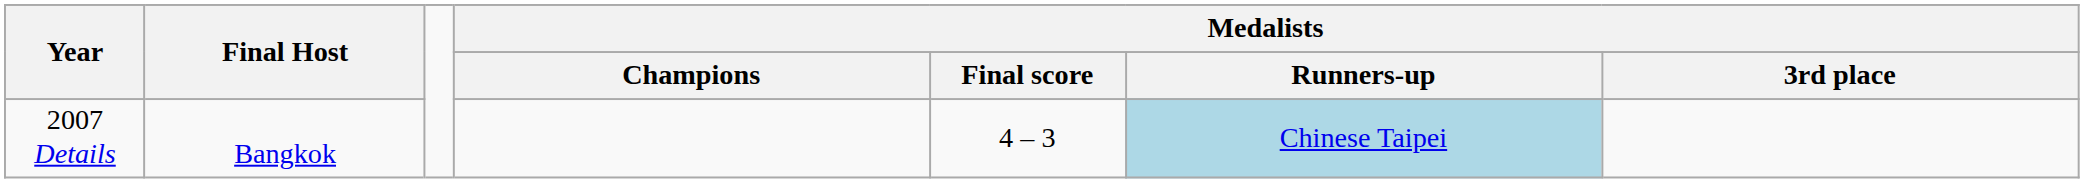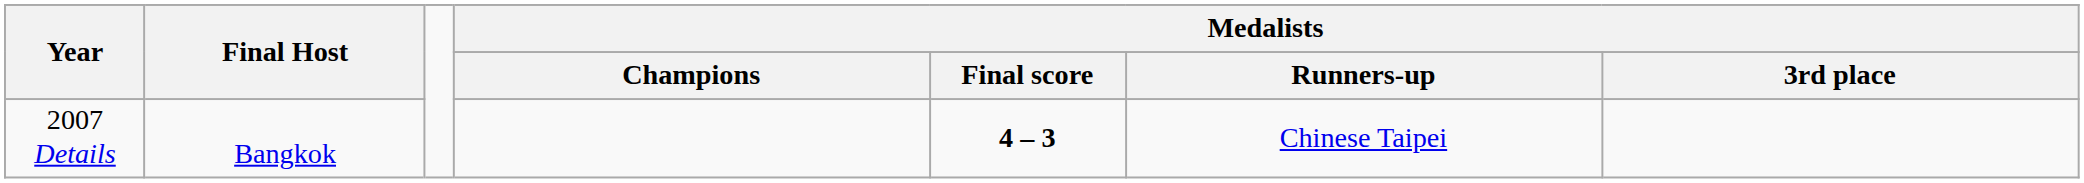 <table class="wikitable" style="font-size:90%; text-align: center;">
 <tr>
 <th rowspan=2 width=5%>Year</th>
 <th rowspan=2 width=10%>Final Host</th>
 <td width=1% rowspan=14 style="border-top:none;border-bottom:none;"></td>
 <th colspan=4>Medalists</th>
 </tr>
 <tr>
 <th width=17%>Champions</th>
 <th width=7%>Final score</th>
 <th width=17%>Runners-up</th>
 <th width=17%>3rd place</th>
 </tr>
 <tr>
 <td>2007<br><em><a href='#'>Details</a></em></td>
 <td><br><a href='#'>Bangkok</a></td>
 <td><strong></strong></td>
-<td>4 – 3</td>
-<td style="background: lightblue;"> <a href='#'>Chinese Taipei</a></td>
+<td><strong>4 – 3</strong></td>
+<td> <a href='#'>Chinese Taipei</a></td>
 <td></td>
 </tr>
 </table>
